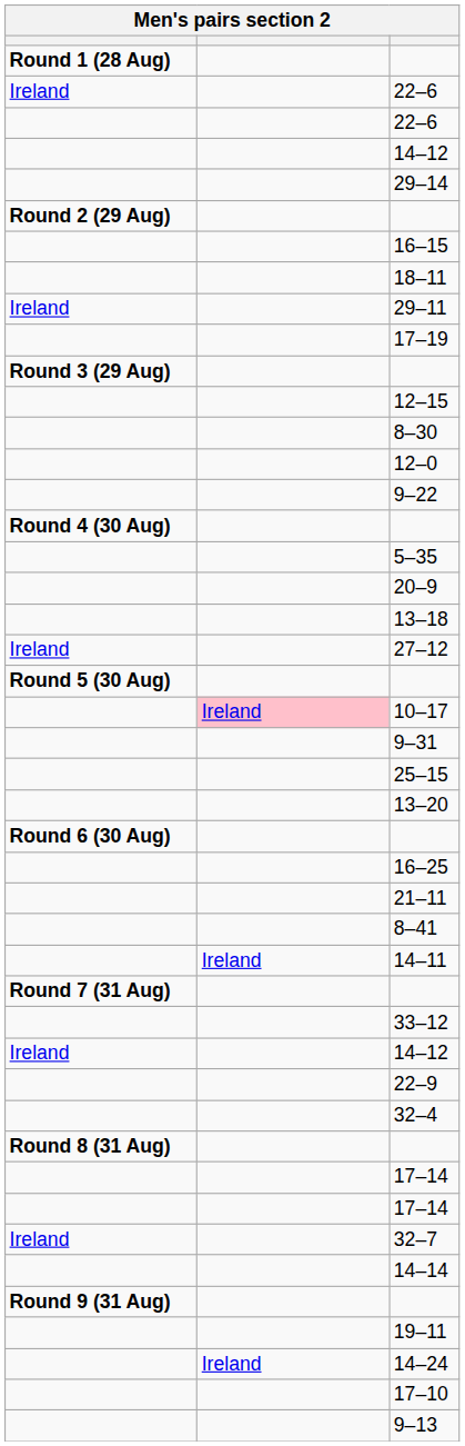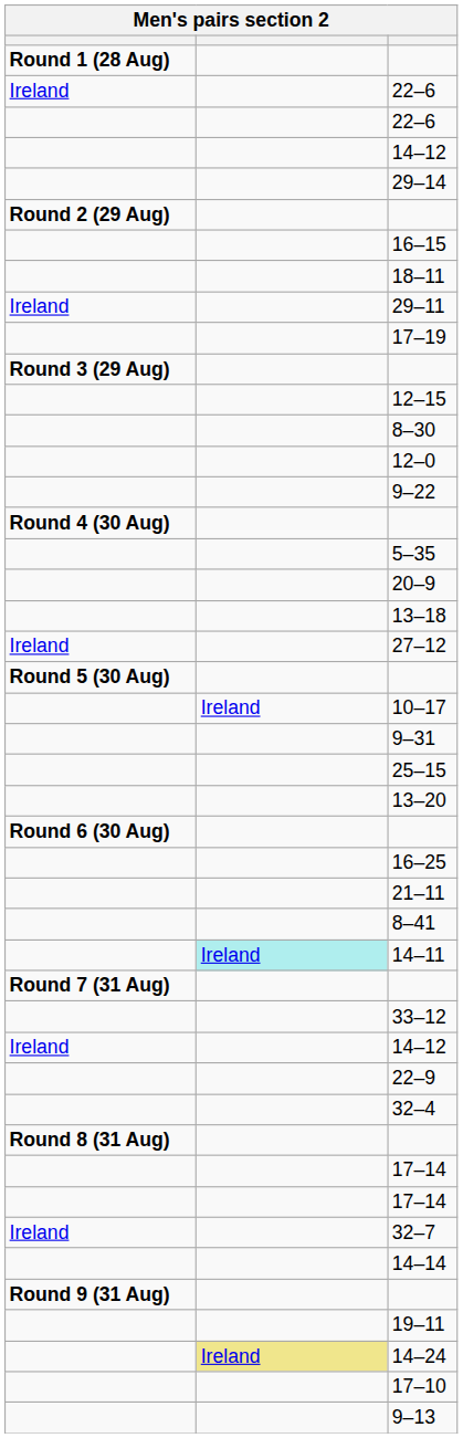 <table class="wikitable">
 <tr>
 <th colspan="3">Men's pairs section 2</th>
 </tr>
 <tr>
 <th width=150></th>
 <th width=150></th>
 <th width=50></th>
 </tr>
 <tr>
 <td><strong>Round 1 (28 Aug)</strong></td>
 <td></td>
 <td></td>
 </tr>
 <tr>
 <td> <a href='#'>Ireland</a></td>
 <td></td>
 <td>22–6</td>
 </tr>
 <tr>
 <td></td>
 <td></td>
 <td>22–6</td>
 </tr>
 <tr>
 <td></td>
 <td></td>
 <td>14–12</td>
 </tr>
 <tr>
 <td></td>
 <td></td>
 <td>29–14</td>
 </tr>
 <tr>
 <td><strong>Round 2 (29 Aug)</strong></td>
 <td></td>
 <td></td>
 </tr>
 <tr>
 <td></td>
 <td></td>
 <td>16–15</td>
 </tr>
 <tr>
 <td></td>
 <td></td>
 <td>18–11</td>
 </tr>
 <tr>
 <td> <a href='#'>Ireland</a></td>
 <td></td>
 <td>29–11</td>
 </tr>
 <tr>
 <td></td>
 <td></td>
 <td>17–19</td>
 </tr>
 <tr>
 <td><strong>Round 3 (29 Aug)</strong></td>
 <td></td>
 <td></td>
 </tr>
 <tr>
 <td></td>
 <td></td>
 <td>12–15</td>
 </tr>
 <tr>
 <td></td>
 <td></td>
 <td>8–30</td>
 </tr>
 <tr>
 <td></td>
 <td></td>
 <td>12–0</td>
 </tr>
 <tr>
 <td></td>
 <td></td>
 <td>9–22</td>
 </tr>
 <tr>
 <td><strong>Round 4 (30 Aug)</strong></td>
 <td></td>
 <td></td>
 </tr>
 <tr>
 <td></td>
 <td></td>
 <td>5–35</td>
 </tr>
 <tr>
 <td></td>
 <td></td>
 <td>20–9</td>
 </tr>
 <tr>
 <td></td>
 <td></td>
 <td>13–18</td>
 </tr>
 <tr>
 <td> <a href='#'>Ireland</a></td>
 <td></td>
 <td>27–12</td>
 </tr>
 <tr>
 <td><strong>Round 5 (30 Aug)</strong></td>
 <td></td>
 <td></td>
 </tr>
 <tr>
 <td></td>
-<td style="background: pink;"> <a href='#'>Ireland</a></td>
+<td> <a href='#'>Ireland</a></td>
 <td>10–17</td>
 </tr>
 <tr>
 <td></td>
 <td></td>
 <td>9–31</td>
 </tr>
 <tr>
 <td></td>
 <td></td>
 <td>25–15</td>
 </tr>
 <tr>
 <td></td>
 <td></td>
 <td>13–20</td>
 </tr>
 <tr>
 <td><strong>Round 6  (30 Aug)</strong></td>
 <td></td>
 <td></td>
 </tr>
 <tr>
 <td></td>
 <td></td>
 <td>16–25</td>
 </tr>
 <tr>
 <td></td>
 <td></td>
 <td>21–11</td>
 </tr>
 <tr>
 <td></td>
 <td></td>
 <td>8–41</td>
 </tr>
 <tr>
 <td></td>
-<td> <a href='#'>Ireland</a></td>
+<td style="background: paleturquoise;"> <a href='#'>Ireland</a></td>
 <td>14–11</td>
 </tr>
 <tr>
 <td><strong>Round 7 (31 Aug)</strong></td>
 <td></td>
 <td></td>
 </tr>
 <tr>
 <td></td>
 <td></td>
 <td>33–12</td>
 </tr>
 <tr>
 <td> <a href='#'>Ireland</a></td>
 <td></td>
 <td>14–12</td>
 </tr>
 <tr>
 <td></td>
 <td></td>
 <td>22–9</td>
 </tr>
 <tr>
 <td></td>
 <td></td>
 <td>32–4</td>
 </tr>
 <tr>
 <td><strong>Round 8 (31 Aug)</strong></td>
 <td></td>
 <td></td>
 </tr>
 <tr>
 <td></td>
 <td></td>
 <td>17–14</td>
 </tr>
 <tr>
 <td></td>
 <td></td>
 <td>17–14</td>
 </tr>
 <tr>
 <td> <a href='#'>Ireland</a></td>
 <td></td>
 <td>32–7</td>
 </tr>
 <tr>
 <td></td>
 <td></td>
 <td>14–14</td>
 </tr>
 <tr>
 <td><strong>Round 9 (31 Aug)</strong></td>
 <td></td>
 <td></td>
 </tr>
 <tr>
 <td></td>
 <td></td>
 <td>19–11</td>
 </tr>
 <tr>
 <td></td>
-<td> <a href='#'>Ireland</a></td>
+<td style="background: khaki;"> <a href='#'>Ireland</a></td>
 <td>14–24</td>
 </tr>
 <tr>
 <td></td>
 <td></td>
 <td>17–10</td>
 </tr>
 <tr>
 <td></td>
 <td></td>
 <td>9–13</td>
 </tr>
 </table>
